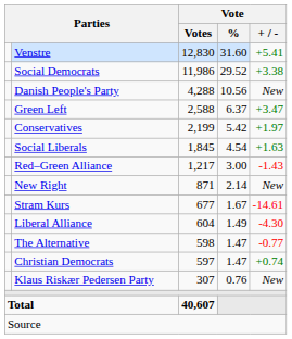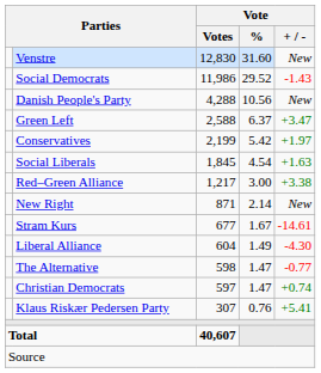 <table class="wikitable" style="text-align:right;">
 <tr>
 <th style="text-align:centre;" rowspan="2" colspan="2" width="225">Parties</th>
 <th colspan="3">Vote</th>
 </tr>
 <tr>
 <th width="15">Votes</th>
 <th width="15">%</th>
 <th width="15">+ / -</th>
 </tr>
 <tr>
 <td width="2" style="color:inherit;background:"></td>
 <td bgcolor=#cfe5fe  align="left"><a href='#'>Venstre</a></td>
 <td bgcolor=#cfe5fe>12,830</td>
 <td bgcolor=#cfe5fe>31.60</td>
-<td style=color:green;>+5.41</td>
+<td><em>New</em></td>
 </tr>
 <tr>
 <td width="2" style="color:inherit;background:"></td>
 <td align="left"><a href='#'>Social Democrats</a></td>
 <td>11,986</td>
 <td>29.52</td>
-<td style=color:green;>+3.38</td>
+<td style=color:red;>-1.43</td>
 </tr>
 <tr>
 <td width="2" style="color:inherit;background:"></td>
 <td align="left"><a href='#'>Danish People's Party</a></td>
 <td>4,288</td>
 <td>10.56</td>
 <td><em>New</em></td>
 </tr>
 <tr>
 <td width="2" style="color:inherit;background:"></td>
 <td align="left"><a href='#'>Green Left</a></td>
 <td>2,588</td>
 <td>6.37</td>
 <td style=color:green;>+3.47</td>
 </tr>
 <tr>
 <td width="2" style="color:inherit;background:"></td>
 <td align="left"><a href='#'>Conservatives</a></td>
 <td>2,199</td>
 <td>5.42</td>
 <td style=color:green;>+1.97</td>
 </tr>
 <tr>
 <td width="2" style="color:inherit;background:"></td>
 <td align="left"><a href='#'>Social Liberals</a></td>
 <td>1,845</td>
 <td>4.54</td>
 <td style=color:green;>+1.63</td>
 </tr>
 <tr>
 <td width="2" style="color:inherit;background:"></td>
 <td align="left"><a href='#'>Red–Green Alliance</a></td>
 <td>1,217</td>
 <td>3.00</td>
-<td style=color:red;>-1.43</td>
+<td style=color:green;>+3.38</td>
 </tr>
 <tr>
 <td width="2" style="color:inherit;background:"></td>
 <td align="left"><a href='#'>New Right</a></td>
 <td>871</td>
 <td>2.14</td>
 <td><em>New</em></td>
 </tr>
 <tr>
 <td width="2" style="color:inherit;background:"></td>
 <td align="left"><a href='#'>Stram Kurs</a></td>
 <td>677</td>
 <td>1.67</td>
 <td style=color:red;>-14.61</td>
 </tr>
 <tr>
 <td width="2" style="color:inherit;background:"></td>
 <td align="left"><a href='#'>Liberal Alliance</a></td>
 <td>604</td>
 <td>1.49</td>
 <td style=color:red;>-4.30</td>
 </tr>
 <tr>
 <td width="2" style="color:inherit;background:"></td>
 <td align="left"><a href='#'>The Alternative</a></td>
 <td>598</td>
 <td>1.47</td>
 <td style=color:red;>-0.77</td>
 </tr>
 <tr>
 <td width="2" style="color:inherit;background:"></td>
 <td align="left"><a href='#'>Christian Democrats</a></td>
 <td>597</td>
 <td>1.47</td>
 <td style=color:green;>+0.74</td>
 </tr>
 <tr>
 <td width="2" style="color:inherit;background:"></td>
 <td align="left"><a href='#'>Klaus Riskær Pedersen Party</a></td>
 <td>307</td>
 <td>0.76</td>
-<td><em>New</em></td>
+<td style=color:green;>+5.41</td>
 </tr>
 <tr>
 <td colspan="7" bgcolor="#E9E9E9"></td>
 </tr>
 <tr>
 <td align="left" colspan="2"><strong>Total</strong></td>
 <td><strong>40,607</strong></td>
 <td bgcolor="#E9E9E9" colspan="2"></td>
 </tr>
 <tr>
 <td align="left" colspan="6">Source</td>
 </tr>
 </table>
